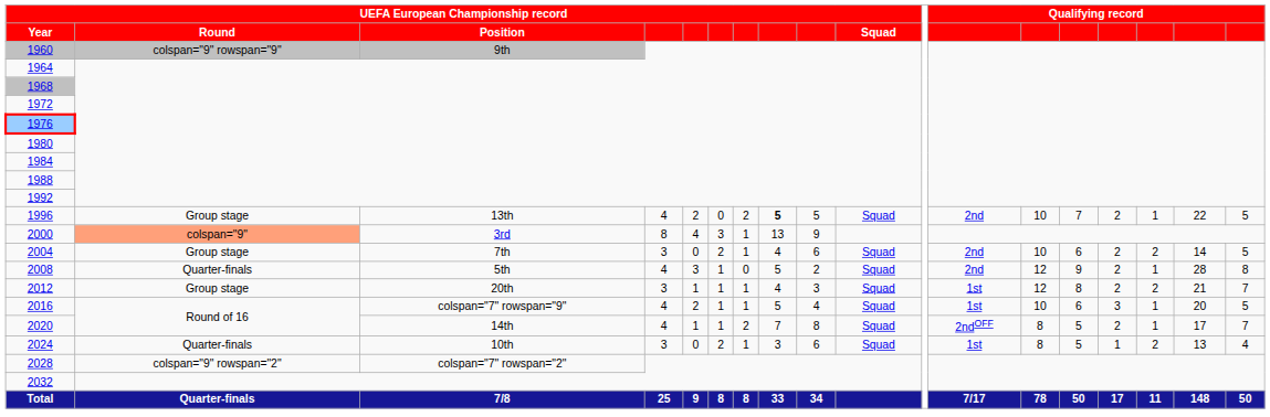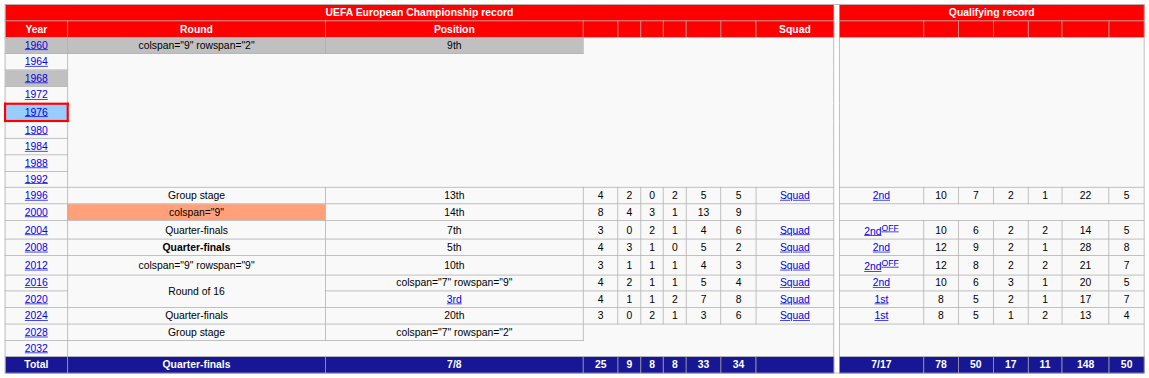 <table class="wikitable" style="font-size:90%; text-align:center;" width="100%" class="wikitable">
 <tr>
 <th colspan="10" style="background:#ff0000; color:white; ">UEFA European Championship record</th>
 <th width="1" rowspan="28" style="background:#FFFFFF; color:white"></th>
 <th colspan="7" style="background:#ff0000; color:white; ">Qualifying record</th>
 </tr>
 <tr>
 <th style="background:#ff0000; color:white; ">Year</th>
 <th style="background:#ff0000; color:white; ">Round</th>
 <th style="background:#ff0000; color:white; ">Position</th>
 <th style="background:#ff0000; color:white; "></th>
 <th style="background:#ff0000; color:white; "></th>
 <th style="background:#ff0000; color:white; "></th>
 <th style="background:#ff0000; color:white; "></th>
 <th style="background:#ff0000; color:white; "></th>
 <th style="background:#ff0000; color:white; "></th>
 <th style="background:#ff0000; color:white; ">Squad</th>
 <th style="background:#ff0000; color:white; "></th>
 <th style="background:#ff0000; color:white; "></th>
 <th style="background:#ff0000; color:white; "></th>
 <th style="background:#ff0000; color:white; "></th>
 <th style="background:#ff0000; color:white; "></th>
 <th style="background:#ff0000; color:white; "></th>
 <th style="background:#ff0000; color:white; "></th>
 </tr>
 <tr bgcolor=silver>
 <td> <a href='#'>1960</a></td>
-<td>colspan="9" rowspan="9" </td>
+<td>colspan="9" rowspan="2" </td>
 <td>9th</td>
 </tr>
 <tr>
 <td> <a href='#'>1964</a></td>
 </tr>
 <tr bgcolor=silver>
 <td> <a href='#'>1968</a></td>
 </tr>
 <tr>
 <td> <a href='#'>1972</a></td>
 </tr>
 <tr bgcolor=#9acdff>
 <td style="border: 3px solid red"> <a href='#'>1976</a></td>
 </tr>
 <tr>
 <td> <a href='#'>1980</a></td>
 </tr>
 <tr>
 <td> <a href='#'>1984</a></td>
 </tr>
 <tr>
 <td> <a href='#'>1988</a></td>
 </tr>
 <tr>
 <td> <a href='#'>1992</a></td>
 </tr>
 <tr>
 <td> <a href='#'>1996</a></td>
 <td>Group stage</td>
 <td>13th</td>
 <td>4</td>
 <td>2</td>
 <td>0</td>
 <td>2</td>
-<td><strong>5</strong></td>
+<td>5</td>
 <td>5</td>
 <td><a href='#'>Squad</a></td>
 <td><a href='#'>2nd</a></td>
 <td>10</td>
 <td>7</td>
 <td>2</td>
 <td>1</td>
 <td>22</td>
 <td>5</td>
 </tr>
 <tr>
 <td>  <a href='#'>2000</a></td>
 <td style="background: lightsalmon;">colspan="9" </td>
-<td><a href='#'>3rd</a></td>
+<td>14th</td>
 <td>8</td>
 <td>4</td>
 <td>3</td>
 <td>1</td>
 <td>13</td>
 <td>9</td>
 </tr>
 <tr>
 <td> <a href='#'>2004</a></td>
-<td>Group stage</td>
+<td>Quarter-finals</td>
 <td>7th</td>
 <td>3</td>
 <td>0</td>
 <td>2</td>
 <td>1</td>
 <td>4</td>
 <td>6</td>
 <td><a href='#'>Squad</a></td>
-<td><a href='#'>2nd</a></td>
+<td><a href='#'>2nd</a><sup><a href='#'>OFF</a></sup></td>
 <td>10</td>
 <td>6</td>
 <td>2</td>
 <td>2</td>
 <td>14</td>
 <td>5</td>
 </tr>
 <tr>
 <td>  <a href='#'>2008</a></td>
-<td>Quarter-finals</td>
+<td><strong>Quarter-finals</strong></td>
 <td>5th</td>
 <td>4</td>
 <td>3</td>
 <td>1</td>
 <td>0</td>
 <td>5</td>
 <td>2</td>
 <td><a href='#'>Squad</a></td>
 <td><a href='#'>2nd</a></td>
 <td>12</td>
 <td>9</td>
 <td>2</td>
 <td>1</td>
 <td>28</td>
 <td>8</td>
 </tr>
 <tr>
 <td>  <a href='#'>2012</a></td>
-<td>Group stage</td>
-<td>20th</td>
+<td>colspan="9" rowspan="9" </td>
+<td>10th</td>
 <td>3</td>
 <td>1</td>
 <td>1</td>
 <td>1</td>
 <td>4</td>
 <td>3</td>
 <td><a href='#'>Squad</a></td>
-<td><a href='#'>1st</a></td>
+<td><a href='#'>2nd</a><sup><a href='#'>OFF</a></sup></td>
 <td>12</td>
 <td>8</td>
 <td>2</td>
 <td>2</td>
 <td>21</td>
 <td>7</td>
 </tr>
 <tr>
 <td> <a href='#'>2016</a></td>
 <td rowspan=2>Round of 16</td>
 <td>colspan="7" rowspan="9" </td>
 <td>4</td>
 <td>2</td>
 <td>1</td>
 <td>1</td>
 <td>5</td>
 <td>4</td>
 <td><a href='#'>Squad</a></td>
-<td><a href='#'>1st</a></td>
+<td><a href='#'>2nd</a></td>
 <td>10</td>
 <td>6</td>
 <td>3</td>
 <td>1</td>
 <td>20</td>
 <td>5</td>
 </tr>
 <tr>
 <td> <a href='#'>2020</a></td>
-<td>14th</td>
+<td><a href='#'>3rd</a></td>
 <td>4</td>
 <td>1</td>
 <td>1</td>
 <td>2</td>
 <td>7</td>
 <td>8</td>
 <td><a href='#'>Squad</a></td>
-<td><a href='#'>2nd</a><sup><a href='#'>OFF</a></sup></td>
+<td><a href='#'>1st</a></td>
 <td>8</td>
 <td>5</td>
 <td>2</td>
 <td>1</td>
 <td>17</td>
 <td>7</td>
 </tr>
 <tr>
 <td> <a href='#'>2024</a></td>
 <td>Quarter-finals</td>
-<td>10th</td>
+<td>20th</td>
 <td>3</td>
 <td>0</td>
 <td>2</td>
 <td>1</td>
 <td>3</td>
 <td>6</td>
 <td><a href='#'>Squad</a></td>
 <td><a href='#'>1st</a></td>
 <td>8</td>
 <td>5</td>
 <td>1</td>
 <td>2</td>
 <td>13</td>
 <td>4</td>
 </tr>
 <tr>
 <td>    <a href='#'>2028</a></td>
-<td>colspan="9" rowspan="2" </td>
+<td>Group stage</td>
 <td>colspan="7" rowspan="2" </td>
 </tr>
 <tr>
 <td>  <a href='#'>2032</a></td>
 </tr>
 <tr>
 <th style="background:#171796; color:white; ">Total</th>
 <th style="background:#171796; color:white; ">Quarter-finals</th>
 <th style="background:#171796; color:white; ">7/8</th>
 <th style="background:#171796; color:white; ">25</th>
 <th style="background:#171796; color:white; ">9</th>
 <th style="background:#171796; color:white; ">8</th>
 <th style="background:#171796; color:white; ">8</th>
 <th style="background:#171796; color:white; ">33</th>
 <th style="background:#171796; color:white; ">34</th>
 <th style="background:#171796; color:white; "></th>
 <th style="background:#171796; color:white; ">7/17</th>
 <th style="background:#171796; color:white; ">78</th>
 <th style="background:#171796; color:white; ">50</th>
 <th style="background:#171796; color:white; ">17</th>
 <th style="background:#171796; color:white; ">11</th>
 <th style="background:#171796; color:white; ">148</th>
 <th style="background:#171796; color:white; ">50</th>
 </tr>
 </table>
